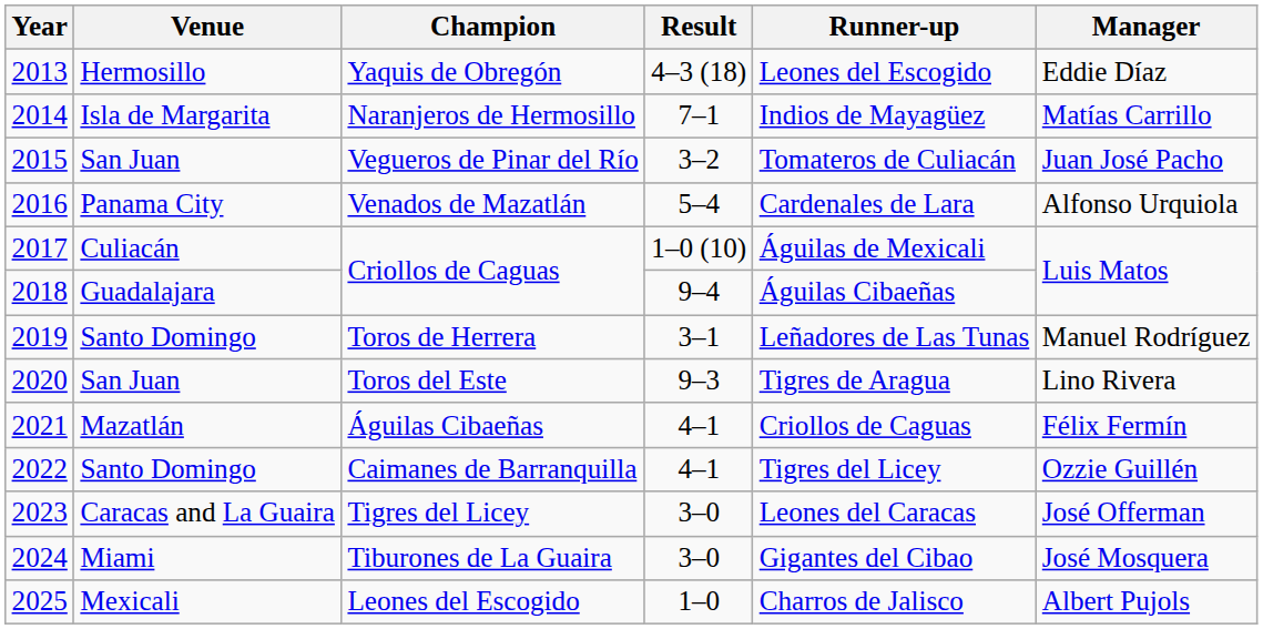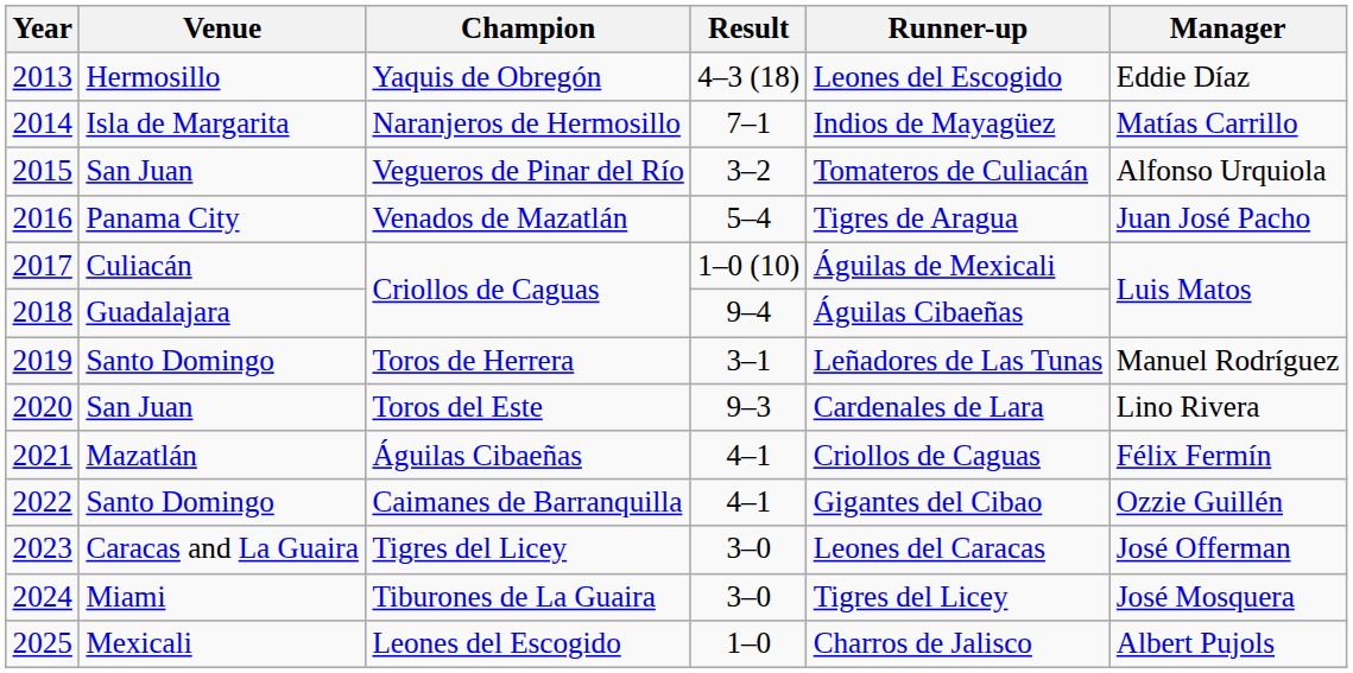 <table class="sortable wikitable">
 <tr>
 <th>Year</th>
 <th>Venue</th>
 <th>Champion</th>
 <th>Result</th>
 <th>Runner-up</th>
 <th>Manager</th>
 </tr>
 <tr>
 <td><a href='#'>2013</a></td>
 <td> <a href='#'>Hermosillo</a></td>
 <td> <a href='#'>Yaquis de Obregón</a></td>
 <td style="text-align:center">4–3 (18)</td>
 <td> <a href='#'>Leones del Escogido</a></td>
 <td> Eddie Díaz</td>
 </tr>
 <tr>
 <td><a href='#'>2014</a></td>
 <td> <a href='#'>Isla de Margarita</a></td>
 <td> <a href='#'>Naranjeros de Hermosillo</a></td>
 <td style="text-align:center">7–1</td>
 <td> <a href='#'>Indios de Mayagüez</a></td>
 <td> <a href='#'>Matías Carrillo</a></td>
 </tr>
 <tr>
 <td><a href='#'>2015</a></td>
 <td> <a href='#'>San Juan</a></td>
 <td> <a href='#'>Vegueros de Pinar del Río</a></td>
 <td style="text-align:center">3–2</td>
 <td> <a href='#'>Tomateros de Culiacán</a></td>
-<td> <a href='#'>Juan José Pacho</a></td>
+<td> Alfonso Urquiola</td>
 </tr>
 <tr>
 <td><a href='#'>2016</a></td>
 <td> <a href='#'>Panama City</a></td>
 <td> <a href='#'>Venados de Mazatlán</a></td>
 <td style="text-align:center">5–4</td>
-<td> <a href='#'>Cardenales de Lara</a></td>
-<td> Alfonso Urquiola</td>
+<td> <a href='#'>Tigres de Aragua</a></td>
+<td> <a href='#'>Juan José Pacho</a></td>
 </tr>
 <tr>
 <td><a href='#'>2017</a></td>
 <td> <a href='#'>Culiacán</a></td>
 <td rowspan="2"> <a href='#'>Criollos de Caguas</a></td>
 <td style="text-align:center">1–0 (10)</td>
 <td> <a href='#'>Águilas de Mexicali</a></td>
 <td rowspan="2"> <a href='#'>Luis Matos</a></td>
 </tr>
 <tr>
 <td><a href='#'>2018</a></td>
 <td> <a href='#'>Guadalajara</a></td>
 <td style="text-align:center">9–4</td>
 <td> <a href='#'>Águilas Cibaeñas</a></td>
 </tr>
 <tr>
 <td><a href='#'>2019</a></td>
 <td> <a href='#'>Santo Domingo</a></td>
 <td> <a href='#'>Toros de Herrera</a></td>
 <td style="text-align:center">3–1</td>
 <td> <a href='#'>Leñadores de Las Tunas</a></td>
 <td> Manuel Rodríguez</td>
 </tr>
 <tr>
 <td><a href='#'>2020</a></td>
 <td> <a href='#'>San Juan</a></td>
 <td> <a href='#'>Toros del Este</a></td>
 <td style="text-align:center">9–3</td>
-<td> <a href='#'>Tigres de Aragua</a></td>
+<td> <a href='#'>Cardenales de Lara</a></td>
 <td> Lino Rivera</td>
 </tr>
 <tr>
 <td><a href='#'>2021</a></td>
 <td> <a href='#'>Mazatlán</a></td>
 <td> <a href='#'>Águilas Cibaeñas</a></td>
 <td style="text-align:center">4–1</td>
 <td> <a href='#'>Criollos de Caguas</a></td>
 <td> <a href='#'>Félix Fermín</a></td>
 </tr>
 <tr>
 <td><a href='#'>2022</a></td>
 <td> <a href='#'>Santo Domingo</a></td>
 <td> <a href='#'>Caimanes de Barranquilla</a></td>
 <td style="text-align:center">4–1</td>
-<td> <a href='#'>Tigres del Licey</a></td>
+<td> <a href='#'>Gigantes del Cibao</a></td>
 <td> <a href='#'>Ozzie Guillén</a></td>
 </tr>
 <tr>
 <td><a href='#'>2023</a></td>
 <td> <a href='#'>Caracas</a> and <a href='#'>La Guaira</a></td>
 <td> <a href='#'>Tigres del Licey</a></td>
 <td style="text-align:center">3–0</td>
 <td> <a href='#'>Leones del Caracas</a></td>
 <td> <a href='#'>José Offerman</a></td>
 </tr>
 <tr>
 <td><a href='#'>2024</a></td>
 <td> <a href='#'>Miami</a></td>
 <td> <a href='#'>Tiburones de La Guaira</a></td>
 <td style="text-align:center">3–0</td>
-<td> <a href='#'>Gigantes del Cibao</a></td>
+<td> <a href='#'>Tigres del Licey</a></td>
 <td> <a href='#'>José Mosquera</a></td>
 </tr>
 <tr>
 <td><a href='#'>2025</a></td>
 <td> <a href='#'>Mexicali</a></td>
 <td> <a href='#'>Leones del Escogido</a></td>
 <td style="text-align:center">1–0</td>
 <td> <a href='#'>Charros de Jalisco</a></td>
 <td> <a href='#'>Albert Pujols</a></td>
 </tr>
 </table>
